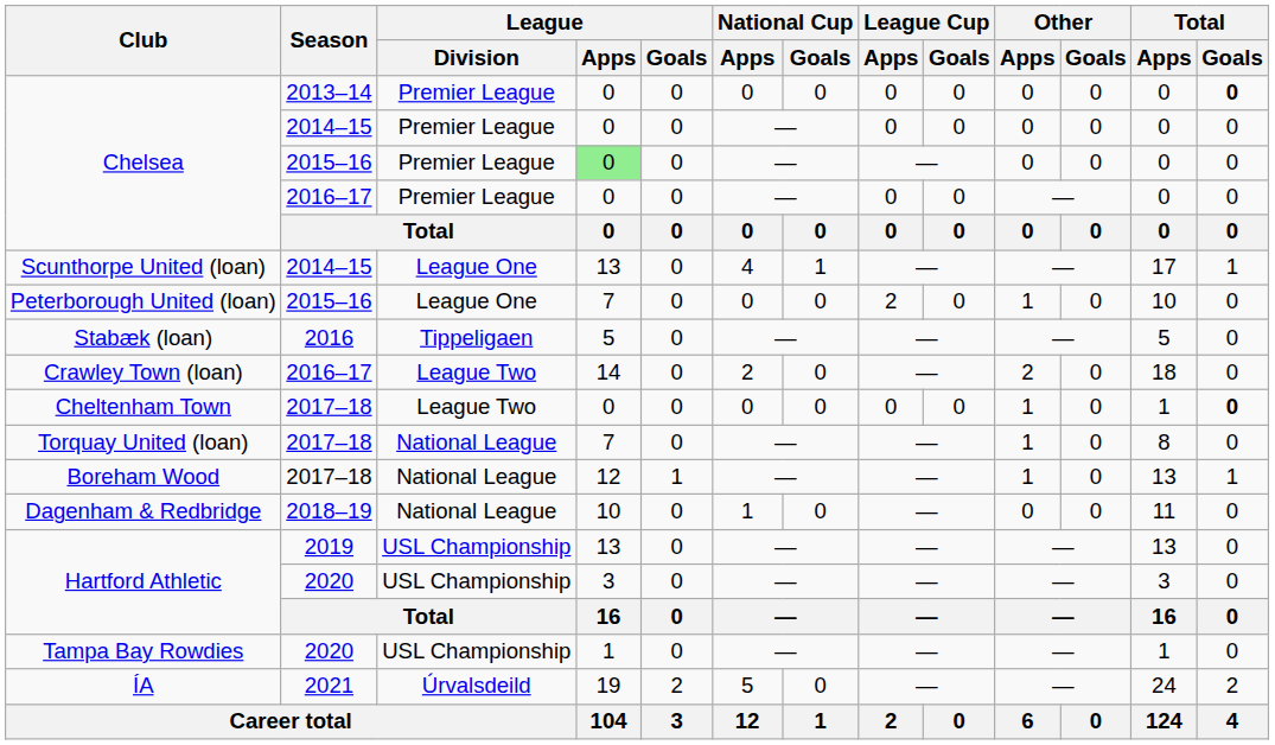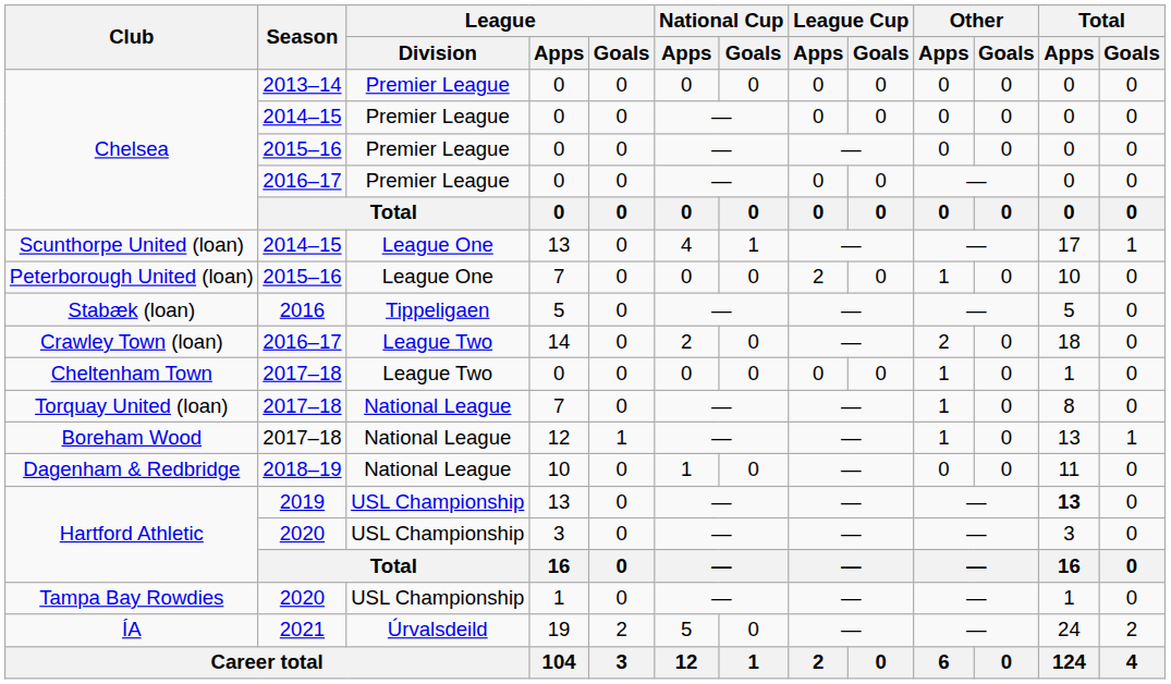 <table class="wikitable" style="text-align: center">
 <tr>
 <th rowspan="2">Club</th>
 <th rowspan="2">Season</th>
 <th colspan="3">League</th>
 <th colspan="2">National Cup</th>
 <th colspan="2">League Cup</th>
 <th colspan="2">Other</th>
 <th colspan="2">Total</th>
 </tr>
 <tr>
 <th>Division</th>
 <th>Apps</th>
 <th>Goals</th>
 <th>Apps</th>
 <th>Goals</th>
 <th>Apps</th>
 <th>Goals</th>
 <th>Apps</th>
 <th>Goals</th>
 <th>Apps</th>
 <th>Goals</th>
 </tr>
 <tr>
 <td rowspan="5"><a href='#'>Chelsea</a></td>
 <td><a href='#'>2013–14</a></td>
 <td><a href='#'>Premier League</a></td>
 <td>0</td>
 <td>0</td>
 <td>0</td>
 <td>0</td>
 <td>0</td>
 <td>0</td>
 <td>0</td>
 <td>0</td>
 <td>0</td>
-<td><strong>0</strong></td>
+<td>0</td>
 </tr>
 <tr>
 <td><a href='#'>2014–15</a></td>
 <td>Premier League</td>
 <td>0</td>
 <td>0</td>
 <td colspan="2">—</td>
 <td>0</td>
 <td>0</td>
 <td>0</td>
 <td>0</td>
 <td>0</td>
 <td>0</td>
 </tr>
 <tr>
 <td><a href='#'>2015–16</a></td>
 <td>Premier League</td>
-<td style="background: lightgreen;">0</td>
+<td>0</td>
 <td>0</td>
 <td colspan="2">—</td>
 <td colspan="2">—</td>
 <td>0</td>
 <td>0</td>
 <td>0</td>
 <td>0</td>
 </tr>
 <tr>
 <td><a href='#'>2016–17</a></td>
 <td>Premier League</td>
 <td>0</td>
 <td>0</td>
 <td colspan="2">—</td>
 <td>0</td>
 <td>0</td>
 <td colspan="2">—</td>
 <td>0</td>
 <td>0</td>
 </tr>
 <tr>
 <th colspan="2">Total</th>
 <th>0</th>
 <th>0</th>
 <th>0</th>
 <th>0</th>
 <th>0</th>
 <th>0</th>
 <th>0</th>
 <th>0</th>
 <th>0</th>
 <th>0</th>
 </tr>
 <tr>
 <td><a href='#'>Scunthorpe United</a> (loan)</td>
 <td><a href='#'>2014–15</a></td>
 <td><a href='#'>League One</a></td>
 <td>13</td>
 <td>0</td>
 <td>4</td>
 <td>1</td>
 <td colspan="2">—</td>
 <td colspan="2">—</td>
 <td>17</td>
 <td>1</td>
 </tr>
 <tr>
 <td><a href='#'>Peterborough United</a> (loan)</td>
 <td><a href='#'>2015–16</a></td>
 <td>League One</td>
 <td>7</td>
 <td>0</td>
 <td>0</td>
 <td>0</td>
 <td>2</td>
 <td>0</td>
 <td>1</td>
 <td>0</td>
 <td>10</td>
 <td>0</td>
 </tr>
 <tr>
 <td><a href='#'>Stabæk</a> (loan)</td>
 <td><a href='#'>2016</a></td>
 <td><a href='#'>Tippeligaen</a></td>
 <td>5</td>
 <td>0</td>
 <td colspan="2">—</td>
 <td colspan="2">—</td>
 <td colspan="2">—</td>
 <td>5</td>
 <td>0</td>
 </tr>
 <tr>
 <td><a href='#'>Crawley Town</a> (loan)</td>
 <td><a href='#'>2016–17</a></td>
 <td><a href='#'>League Two</a></td>
 <td>14</td>
 <td>0</td>
 <td>2</td>
 <td>0</td>
 <td colspan="2">—</td>
 <td>2</td>
 <td>0</td>
 <td>18</td>
 <td>0</td>
 </tr>
 <tr>
 <td><a href='#'>Cheltenham Town</a></td>
 <td><a href='#'>2017–18</a></td>
 <td>League Two</td>
 <td>0</td>
 <td>0</td>
 <td>0</td>
 <td>0</td>
 <td>0</td>
 <td>0</td>
 <td>1</td>
 <td>0</td>
 <td>1</td>
-<td><strong>0</strong></td>
+<td>0</td>
 </tr>
 <tr>
 <td><a href='#'>Torquay United</a> (loan)</td>
 <td><a href='#'>2017–18</a></td>
 <td><a href='#'>National League</a></td>
 <td>7</td>
 <td>0</td>
 <td colspan="2">—</td>
 <td colspan="2">—</td>
 <td>1</td>
 <td>0</td>
 <td>8</td>
 <td>0</td>
 </tr>
 <tr>
 <td><a href='#'>Boreham Wood</a></td>
 <td>2017–18</td>
 <td>National League</td>
 <td>12</td>
 <td>1</td>
 <td colspan="2">—</td>
 <td colspan="2">—</td>
 <td>1</td>
 <td>0</td>
 <td>13</td>
 <td>1</td>
 </tr>
 <tr>
 <td><a href='#'>Dagenham & Redbridge</a></td>
 <td><a href='#'>2018–19</a></td>
 <td>National League</td>
 <td>10</td>
 <td>0</td>
 <td>1</td>
 <td>0</td>
 <td colspan="2">—</td>
 <td>0</td>
 <td>0</td>
 <td>11</td>
 <td>0</td>
 </tr>
 <tr>
 <td rowspan="3"><a href='#'>Hartford Athletic</a></td>
 <td><a href='#'>2019</a></td>
 <td><a href='#'>USL Championship</a></td>
 <td>13</td>
 <td>0</td>
 <td colspan="2">—</td>
 <td colspan="2">—</td>
 <td colspan="2">—</td>
-<td>13</td>
+<td><strong>13</strong></td>
 <td>0</td>
 </tr>
 <tr>
 <td><a href='#'>2020</a></td>
 <td>USL Championship</td>
 <td>3</td>
 <td>0</td>
 <td colspan="2">—</td>
 <td colspan="2">—</td>
 <td colspan="2">—</td>
 <td>3</td>
 <td>0</td>
 </tr>
 <tr>
 <th colspan="2">Total</th>
 <th>16</th>
 <th>0</th>
 <th colspan="2">—</th>
 <th colspan="2">—</th>
 <th colspan="2">—</th>
 <th>16</th>
 <th>0</th>
 </tr>
 <tr>
 <td rowspan="1"><a href='#'>Tampa Bay Rowdies</a></td>
 <td><a href='#'>2020</a></td>
 <td>USL Championship</td>
 <td>1</td>
 <td>0</td>
 <td colspan="2">—</td>
 <td colspan="2">—</td>
 <td colspan="2">—</td>
 <td>1</td>
 <td>0</td>
 </tr>
 <tr>
 <td rowspan="1"><a href='#'>ÍA</a></td>
 <td><a href='#'>2021</a></td>
 <td><a href='#'>Úrvalsdeild</a></td>
 <td>19</td>
 <td>2</td>
 <td>5</td>
 <td>0</td>
 <td colspan="2">—</td>
 <td colspan="2">—</td>
 <td>24</td>
 <td>2</td>
 </tr>
 <tr>
 <th colspan="3">Career total</th>
 <th>104</th>
 <th>3</th>
 <th>12</th>
 <th>1</th>
 <th>2</th>
 <th>0</th>
 <th>6</th>
 <th>0</th>
 <th>124</th>
 <th>4</th>
 </tr>
 </table>
